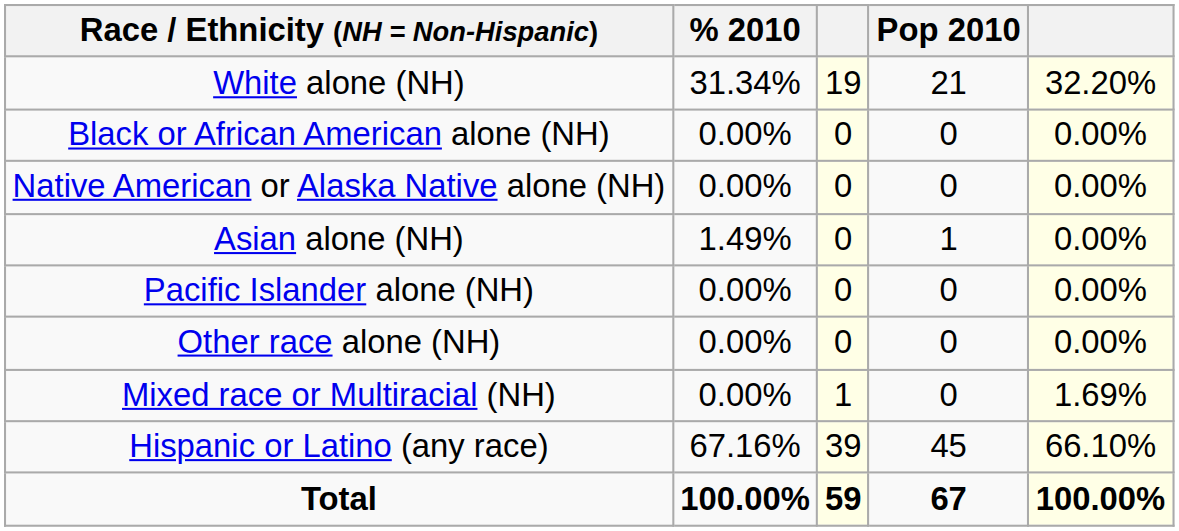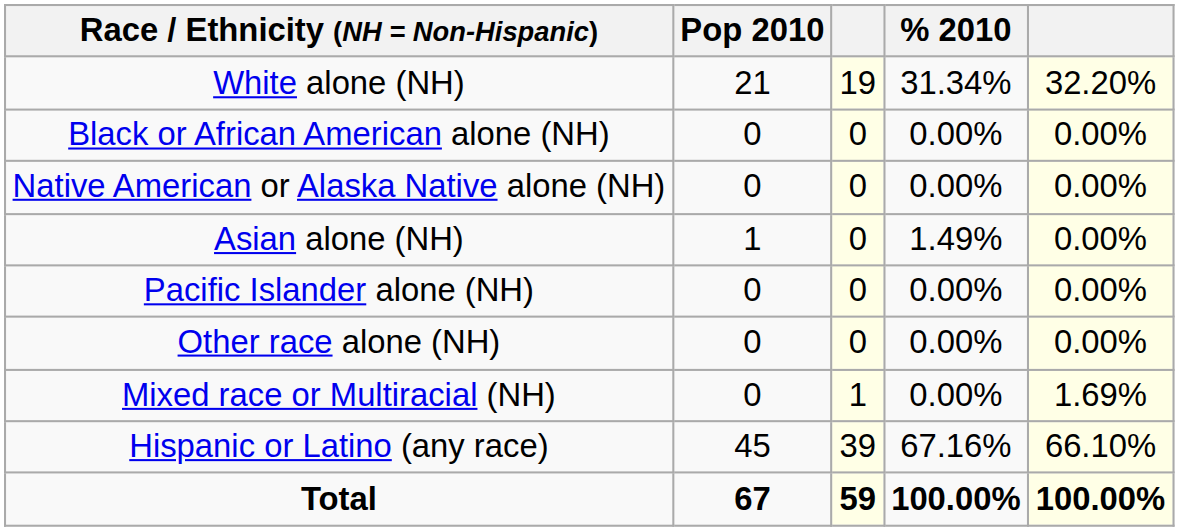 <table class="wikitable" style="text-align:center;">
 <tr>
 <th>Race / Ethnicity <small>(<em>NH = Non-Hispanic</em>)</small></th>
+<th>Pop 2010</th>
+<th></th>
 <th>% 2010</th>
-<th></th>
-<th>Pop 2010</th>
 <th></th>
 </tr>
 <tr>
 <td><a href='#'>White</a> alone (NH)</td>
+<td>21</td>
+<td style='background: #ffffe6;'>19</td>
 <td>31.34%</td>
-<td style='background: #ffffe6;'>19</td>
-<td>21</td>
 <td style='background: #ffffe6;'>32.20%</td>
 </tr>
 <tr>
 <td><a href='#'>Black or African American</a> alone (NH)</td>
+<td>0</td>
+<td style='background: #ffffe6;'>0</td>
 <td>0.00%</td>
-<td style='background: #ffffe6;'>0</td>
-<td>0</td>
 <td style='background: #ffffe6;'>0.00%</td>
 </tr>
 <tr>
 <td><a href='#'>Native American</a> or <a href='#'>Alaska Native</a> alone (NH)</td>
+<td>0</td>
+<td style='background: #ffffe6;'>0</td>
 <td>0.00%</td>
-<td style='background: #ffffe6;'>0</td>
-<td>0</td>
 <td style='background: #ffffe6;'>0.00%</td>
 </tr>
 <tr>
 <td><a href='#'>Asian</a> alone (NH)</td>
+<td>1</td>
+<td style='background: #ffffe6;'>0</td>
 <td>1.49%</td>
-<td style='background: #ffffe6;'>0</td>
-<td>1</td>
 <td style='background: #ffffe6;'>0.00%</td>
 </tr>
 <tr>
 <td><a href='#'>Pacific Islander</a> alone (NH)</td>
+<td>0</td>
+<td style='background: #ffffe6;'>0</td>
 <td>0.00%</td>
-<td style='background: #ffffe6;'>0</td>
-<td>0</td>
 <td style='background: #ffffe6;'>0.00%</td>
 </tr>
 <tr>
 <td><a href='#'>Other race</a> alone (NH)</td>
+<td>0</td>
+<td style='background: #ffffe6;'>0</td>
 <td>0.00%</td>
-<td style='background: #ffffe6;'>0</td>
-<td>0</td>
 <td style='background: #ffffe6;'>0.00%</td>
 </tr>
 <tr>
 <td><a href='#'>Mixed race or Multiracial</a> (NH)</td>
+<td>0</td>
+<td style='background: #ffffe6;'>1</td>
 <td>0.00%</td>
-<td style='background: #ffffe6;'>1</td>
-<td>0</td>
 <td style='background: #ffffe6;'>1.69%</td>
 </tr>
 <tr>
 <td><a href='#'>Hispanic or Latino</a> (any race)</td>
+<td>45</td>
+<td style='background: #ffffe6;'>39</td>
 <td>67.16%</td>
-<td style='background: #ffffe6;'>39</td>
-<td>45</td>
 <td style='background: #ffffe6;'>66.10%</td>
 </tr>
 <tr>
 <td><strong>Total</strong></td>
+<td><strong>67</strong></td>
+<td style='background: #ffffe6;'><strong>59</strong></td>
 <td><strong>100.00%</strong></td>
-<td style='background: #ffffe6;'><strong>59</strong></td>
-<td><strong>67</strong></td>
 <td style='background: #ffffe6;'><strong>100.00%</strong></td>
 </tr>
 </table>
